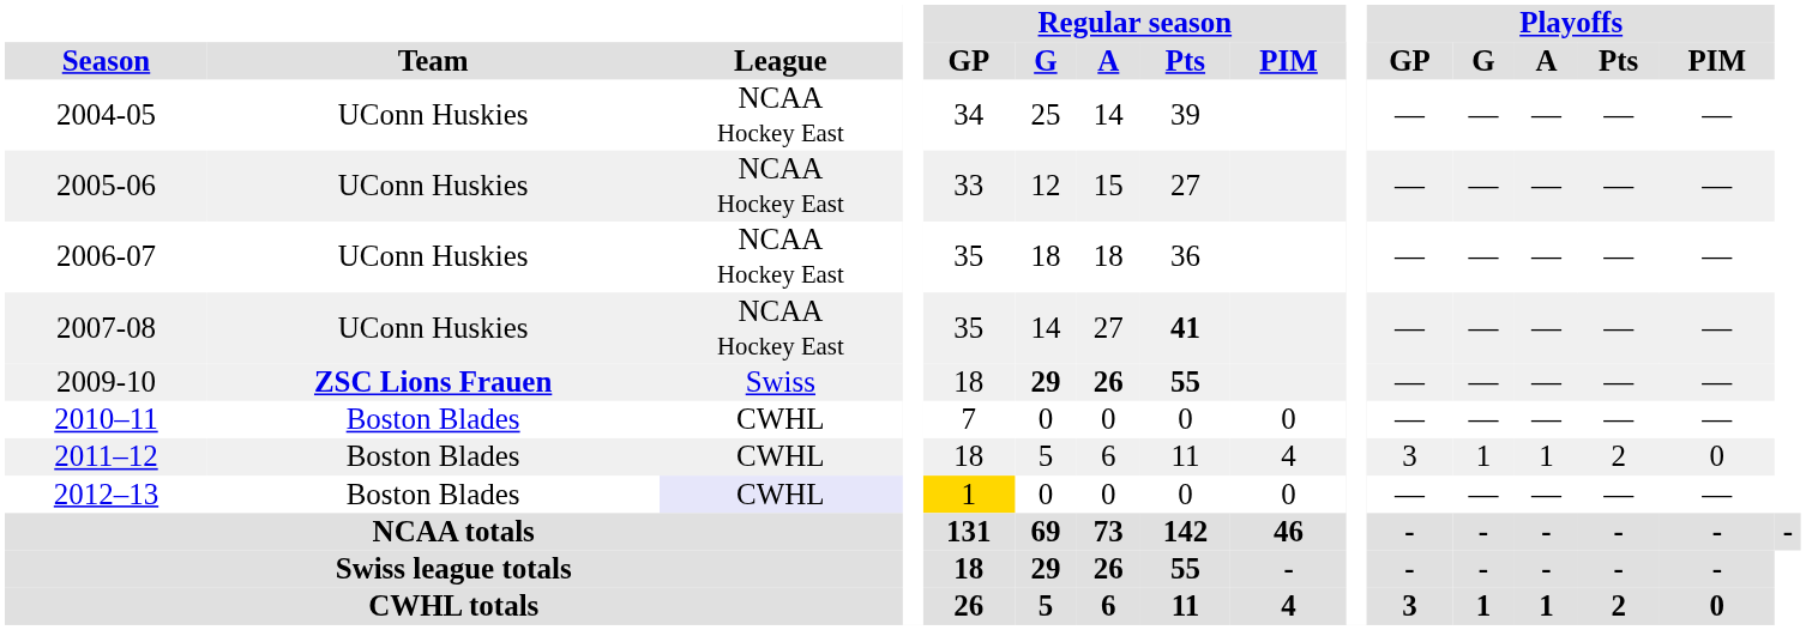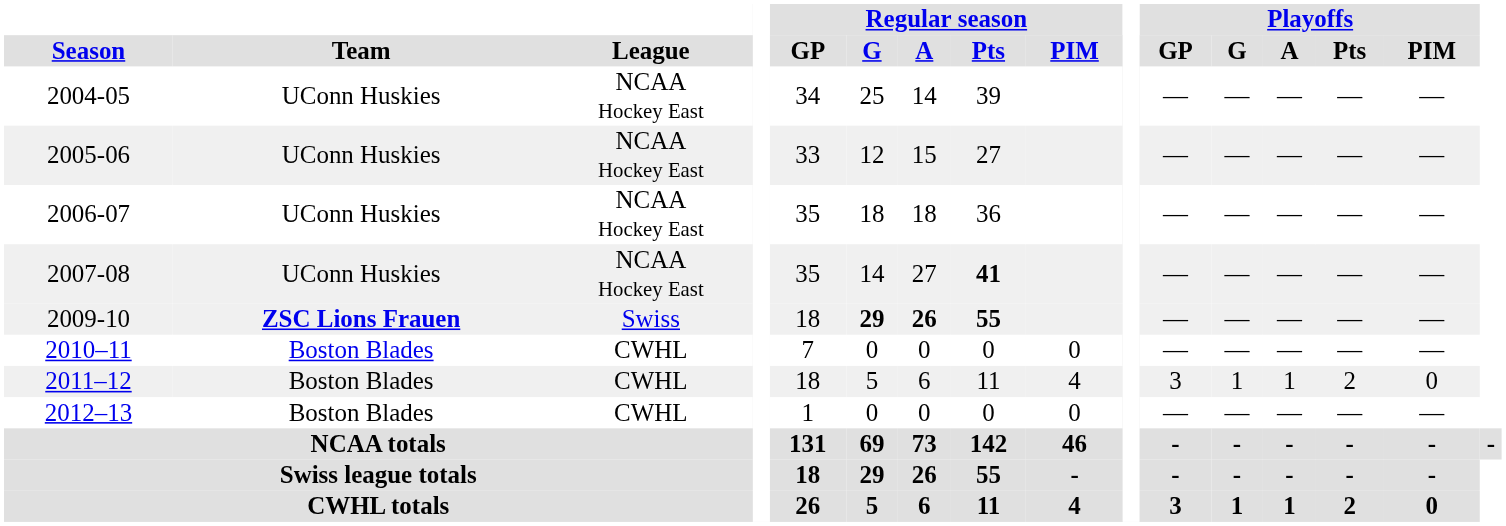 <table border="0" cellpadding="1" cellspacing="0" style="text-align:center; width:60em">
 <tr bgcolor="#e0e0e0">
 <th colspan="3" bgcolor="#ffffff"> </th>
 <th rowspan="99" bgcolor="#ffffff"> </th>
 <th colspan="5"><a href='#'>Regular season</a></th>
 <th rowspan="99" bgcolor="#ffffff"> </th>
 <th colspan="5"><a href='#'>Playoffs</a></th>
 </tr>
 <tr bgcolor="#e0e0e0">
 <th><a href='#'>Season</a></th>
 <th>Team</th>
 <th>League</th>
 <th>GP</th>
 <th><a href='#'>G</a></th>
 <th><a href='#'>A</a></th>
 <th><a href='#'>Pts</a></th>
 <th><a href='#'>PIM</a></th>
 <th>GP</th>
 <th>G</th>
 <th>A</th>
 <th>Pts</th>
 <th>PIM</th>
 </tr>
 <tr>
 </tr>
 <tr align="center" bgcolor="">
 <td>2004-05</td>
 <td>UConn Huskies</td>
 <td>NCAA<br><small>Hockey East</small></td>
 <td>34</td>
 <td>25</td>
 <td>14</td>
 <td>39</td>
 <td></td>
 <td>—</td>
 <td>—</td>
 <td>—</td>
 <td>—</td>
 <td>—</td>
 </tr>
 <tr style="background:#f0f0f0;">
 <td>2005-06</td>
 <td>UConn Huskies</td>
 <td>NCAA<br><small>Hockey East</small></td>
 <td>33</td>
 <td>12</td>
 <td>15</td>
 <td>27</td>
 <td></td>
 <td>—</td>
 <td>—</td>
 <td>—</td>
 <td>—</td>
 <td>—</td>
 </tr>
 <tr align="center" bgcolor="">
 <td>2006-07</td>
 <td>UConn Huskies</td>
 <td>NCAA<br><small>Hockey East</small></td>
 <td>35</td>
 <td>18</td>
 <td>18</td>
 <td>36</td>
 <td></td>
 <td>—</td>
 <td>—</td>
 <td>—</td>
 <td>—</td>
 <td>—</td>
 </tr>
 <tr style="background:#f0f0f0;">
 <td>2007-08</td>
 <td>UConn Huskies</td>
 <td>NCAA<br><small>Hockey East</small></td>
 <td>35</td>
 <td>14</td>
 <td>27</td>
 <td><strong>41</strong></td>
 <td></td>
 <td>—</td>
 <td>—</td>
 <td>—</td>
 <td>—</td>
 <td>—</td>
 </tr>
 <tr style="background:#f0f0f0;">
 <td>2009-10</td>
 <td><strong><a href='#'>ZSC Lions Frauen</a></strong></td>
 <td><a href='#'>Swiss</a></td>
 <td>18</td>
 <td><strong>29</strong></td>
 <td><strong>26</strong></td>
 <td><strong>55</strong></td>
 <td></td>
 <td>—</td>
 <td>—</td>
 <td>—</td>
 <td>—</td>
 <td>—</td>
 </tr>
 <tr align="center" bgcolor="">
 <td><a href='#'>2010–11</a></td>
 <td><a href='#'>Boston Blades</a></td>
 <td>CWHL</td>
 <td>7</td>
 <td>0</td>
 <td>0</td>
 <td>0</td>
 <td>0</td>
 <td>—</td>
 <td>—</td>
 <td>—</td>
 <td>—</td>
 <td>—</td>
 </tr>
 <tr style="background:#f0f0f0;">
 <td><a href='#'>2011–12</a></td>
 <td>Boston Blades</td>
 <td>CWHL</td>
 <td>18</td>
 <td>5</td>
 <td>6</td>
 <td>11</td>
 <td>4</td>
 <td>3</td>
 <td>1</td>
 <td>1</td>
 <td>2</td>
 <td>0</td>
 </tr>
 <tr>
 <td><a href='#'>2012–13</a></td>
 <td>Boston Blades</td>
-<td style="background: lavender;">CWHL</td>
-<td style="background: gold;">1</td>
+<td>CWHL</td>
+<td>1</td>
 <td>0</td>
 <td>0</td>
 <td>0</td>
 <td>0</td>
 <td>—</td>
 <td>—</td>
 <td>—</td>
 <td>—</td>
 <td>—</td>
 </tr>
 <tr style="background:#e0e0e0;">
 <th colspan="3">NCAA totals</th>
 <th>131</th>
 <th>69</th>
 <th>73</th>
 <th>142</th>
 <th>46</th>
 <th>-</th>
 <th>-</th>
 <th>-</th>
 <th>-</th>
 <th>-</th>
 <th>-</th>
 </tr>
 <tr style="background:#e0e0e0;">
 <th colspan="3">Swiss league totals</th>
 <th>18</th>
 <th>29</th>
 <th>26</th>
 <th>55</th>
 <th>-</th>
 <th>-</th>
 <th>-</th>
 <th>-</th>
 <th>-</th>
 <th>-</th>
 </tr>
 <tr style="background:#e0e0e0;">
 <th colspan="3">CWHL totals</th>
 <th>26</th>
 <th>5</th>
 <th>6</th>
 <th>11</th>
 <th>4</th>
 <th>3</th>
 <th>1</th>
 <th>1</th>
 <th>2</th>
 <th>0</th>
 </tr>
 </table>
